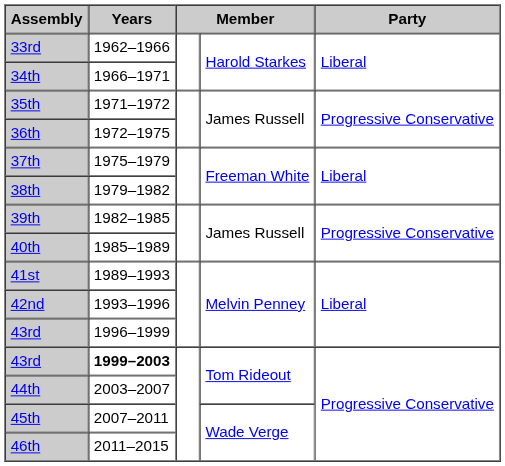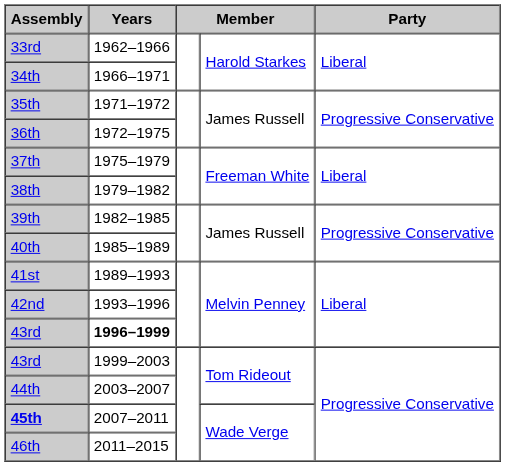 <table border=1 cellpadding=5 cellspacing=0>
 <tr bgcolor="CCCCCC">
 <th>Assembly</th>
 <th>Years</th>
 <th colspan="2">Member</th>
 <th>Party</th>
 </tr>
 <tr>
 <td bgcolor="CCCCCC"><a href='#'>33rd</a></td>
 <td>1962–1966</td>
 <td rowspan=2 >   </td>
 <td rowspan=2><a href='#'>Harold Starkes</a></td>
 <td rowspan=2><a href='#'>Liberal</a></td>
 </tr>
 <tr>
 <td bgcolor="CCCCCC"><a href='#'>34th</a></td>
 <td>1966–1971</td>
 </tr>
 <tr>
 <td bgcolor="CCCCCC"><a href='#'>35th</a></td>
 <td>1971–1972</td>
 <td rowspan=2 >   </td>
 <td rowspan=2>James Russell</td>
 <td rowspan=2><a href='#'>Progressive Conservative</a></td>
 </tr>
 <tr>
 <td bgcolor="CCCCCC"><a href='#'>36th</a></td>
 <td>1972–1975</td>
 </tr>
 <tr>
 <td bgcolor="CCCCCC"><a href='#'>37th</a></td>
 <td>1975–1979</td>
 <td rowspan=2 >   </td>
 <td rowspan=2><a href='#'>Freeman White</a></td>
 <td rowspan=2><a href='#'>Liberal</a></td>
 </tr>
 <tr>
 <td bgcolor="CCCCCC"><a href='#'>38th</a></td>
 <td>1979–1982</td>
 </tr>
 <tr>
 <td bgcolor="CCCCCC"><a href='#'>39th</a></td>
 <td>1982–1985</td>
 <td rowspan=2 >   </td>
 <td rowspan=2>James Russell</td>
 <td rowspan=2><a href='#'>Progressive Conservative</a></td>
 </tr>
 <tr>
 <td bgcolor="CCCCCC"><a href='#'>40th</a></td>
 <td>1985–1989</td>
 </tr>
 <tr>
 <td bgcolor="CCCCCC"><a href='#'>41st</a></td>
 <td>1989–1993</td>
 <td rowspan=3 >   </td>
 <td rowspan=3><a href='#'>Melvin Penney</a></td>
 <td rowspan=3><a href='#'>Liberal</a></td>
 </tr>
 <tr>
 <td bgcolor="CCCCCC"><a href='#'>42nd</a></td>
 <td>1993–1996</td>
 </tr>
 <tr>
 <td bgcolor="CCCCCC"><a href='#'>43rd</a></td>
-<td>1996–1999</td>
+<td><strong>1996–1999</strong></td>
 </tr>
 <tr>
 <td bgcolor="CCCCCC"><a href='#'>43rd</a></td>
-<td><strong>1999–2003</strong></td>
+<td>1999–2003</td>
 <td rowspan=4 >   </td>
 <td rowspan=2><a href='#'>Tom Rideout</a></td>
 <td rowspan=4><a href='#'>Progressive Conservative</a></td>
 </tr>
 <tr>
 <td bgcolor="CCCCCC"><a href='#'>44th</a></td>
 <td>2003–2007</td>
 </tr>
 <tr>
-<td bgcolor="CCCCCC"><a href='#'>45th</a></td>
+<td bgcolor="CCCCCC"><strong><a href='#'>45th</a></strong></td>
 <td>2007–2011</td>
 <td rowspan=2><a href='#'>Wade Verge</a></td>
 </tr>
 <tr>
 <td bgcolor="CCCCCC"><a href='#'>46th</a></td>
 <td>2011–2015</td>
 </tr>
 <tr>
 </tr>
 </table>
